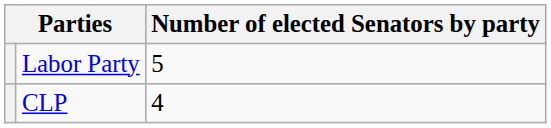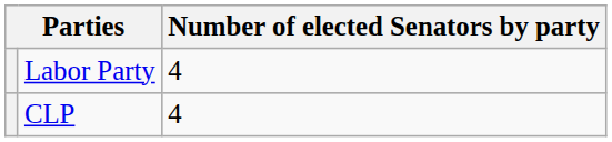 <table class="wikitable sortable">
 <tr>
 <th colspan=2 class="unsortable">Parties</th>
 <th>Number of elected Senators by party</th>
 </tr>
 <tr>
 <th class="unsortable" style="background-color: "></th>
 <td><a href='#'>Labor Party</a></td>
-<td>5</td>
+<td>4</td>
 </tr>
 <tr>
 <th class="unsortable" style="background-color: "></th>
 <td><a href='#'>CLP</a></td>
 <td>4</td>
 </tr>
 </table>
